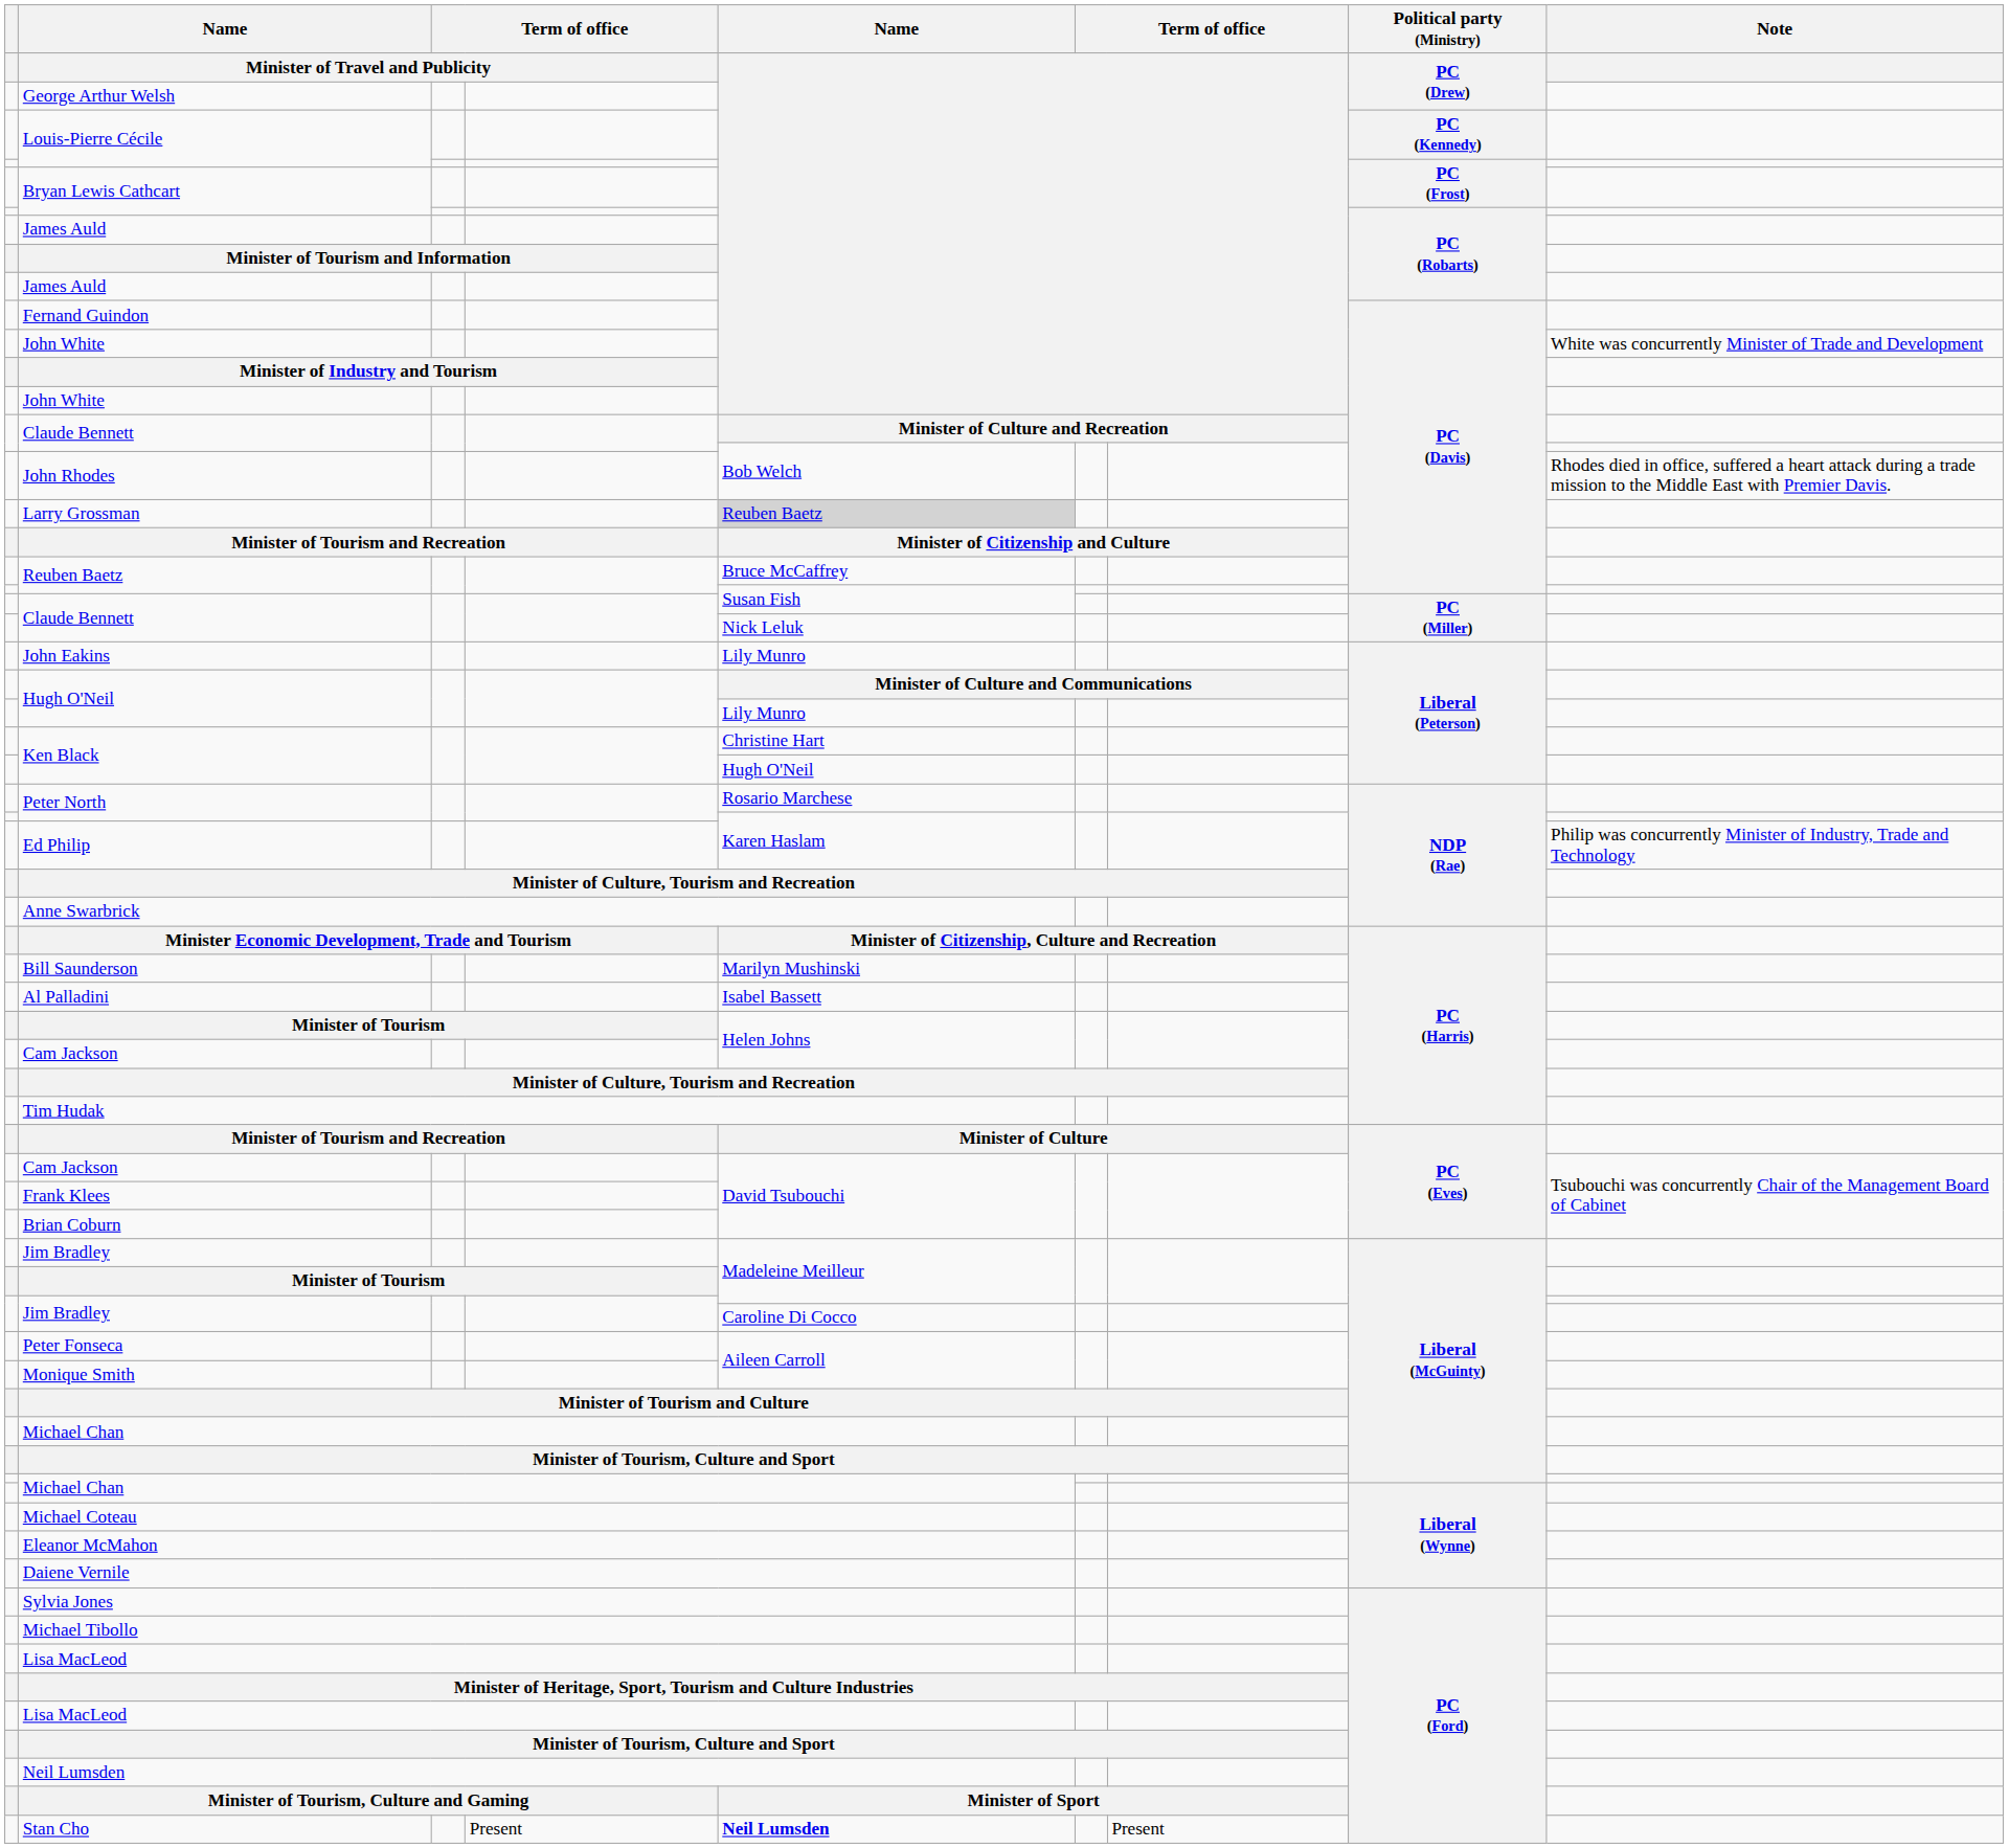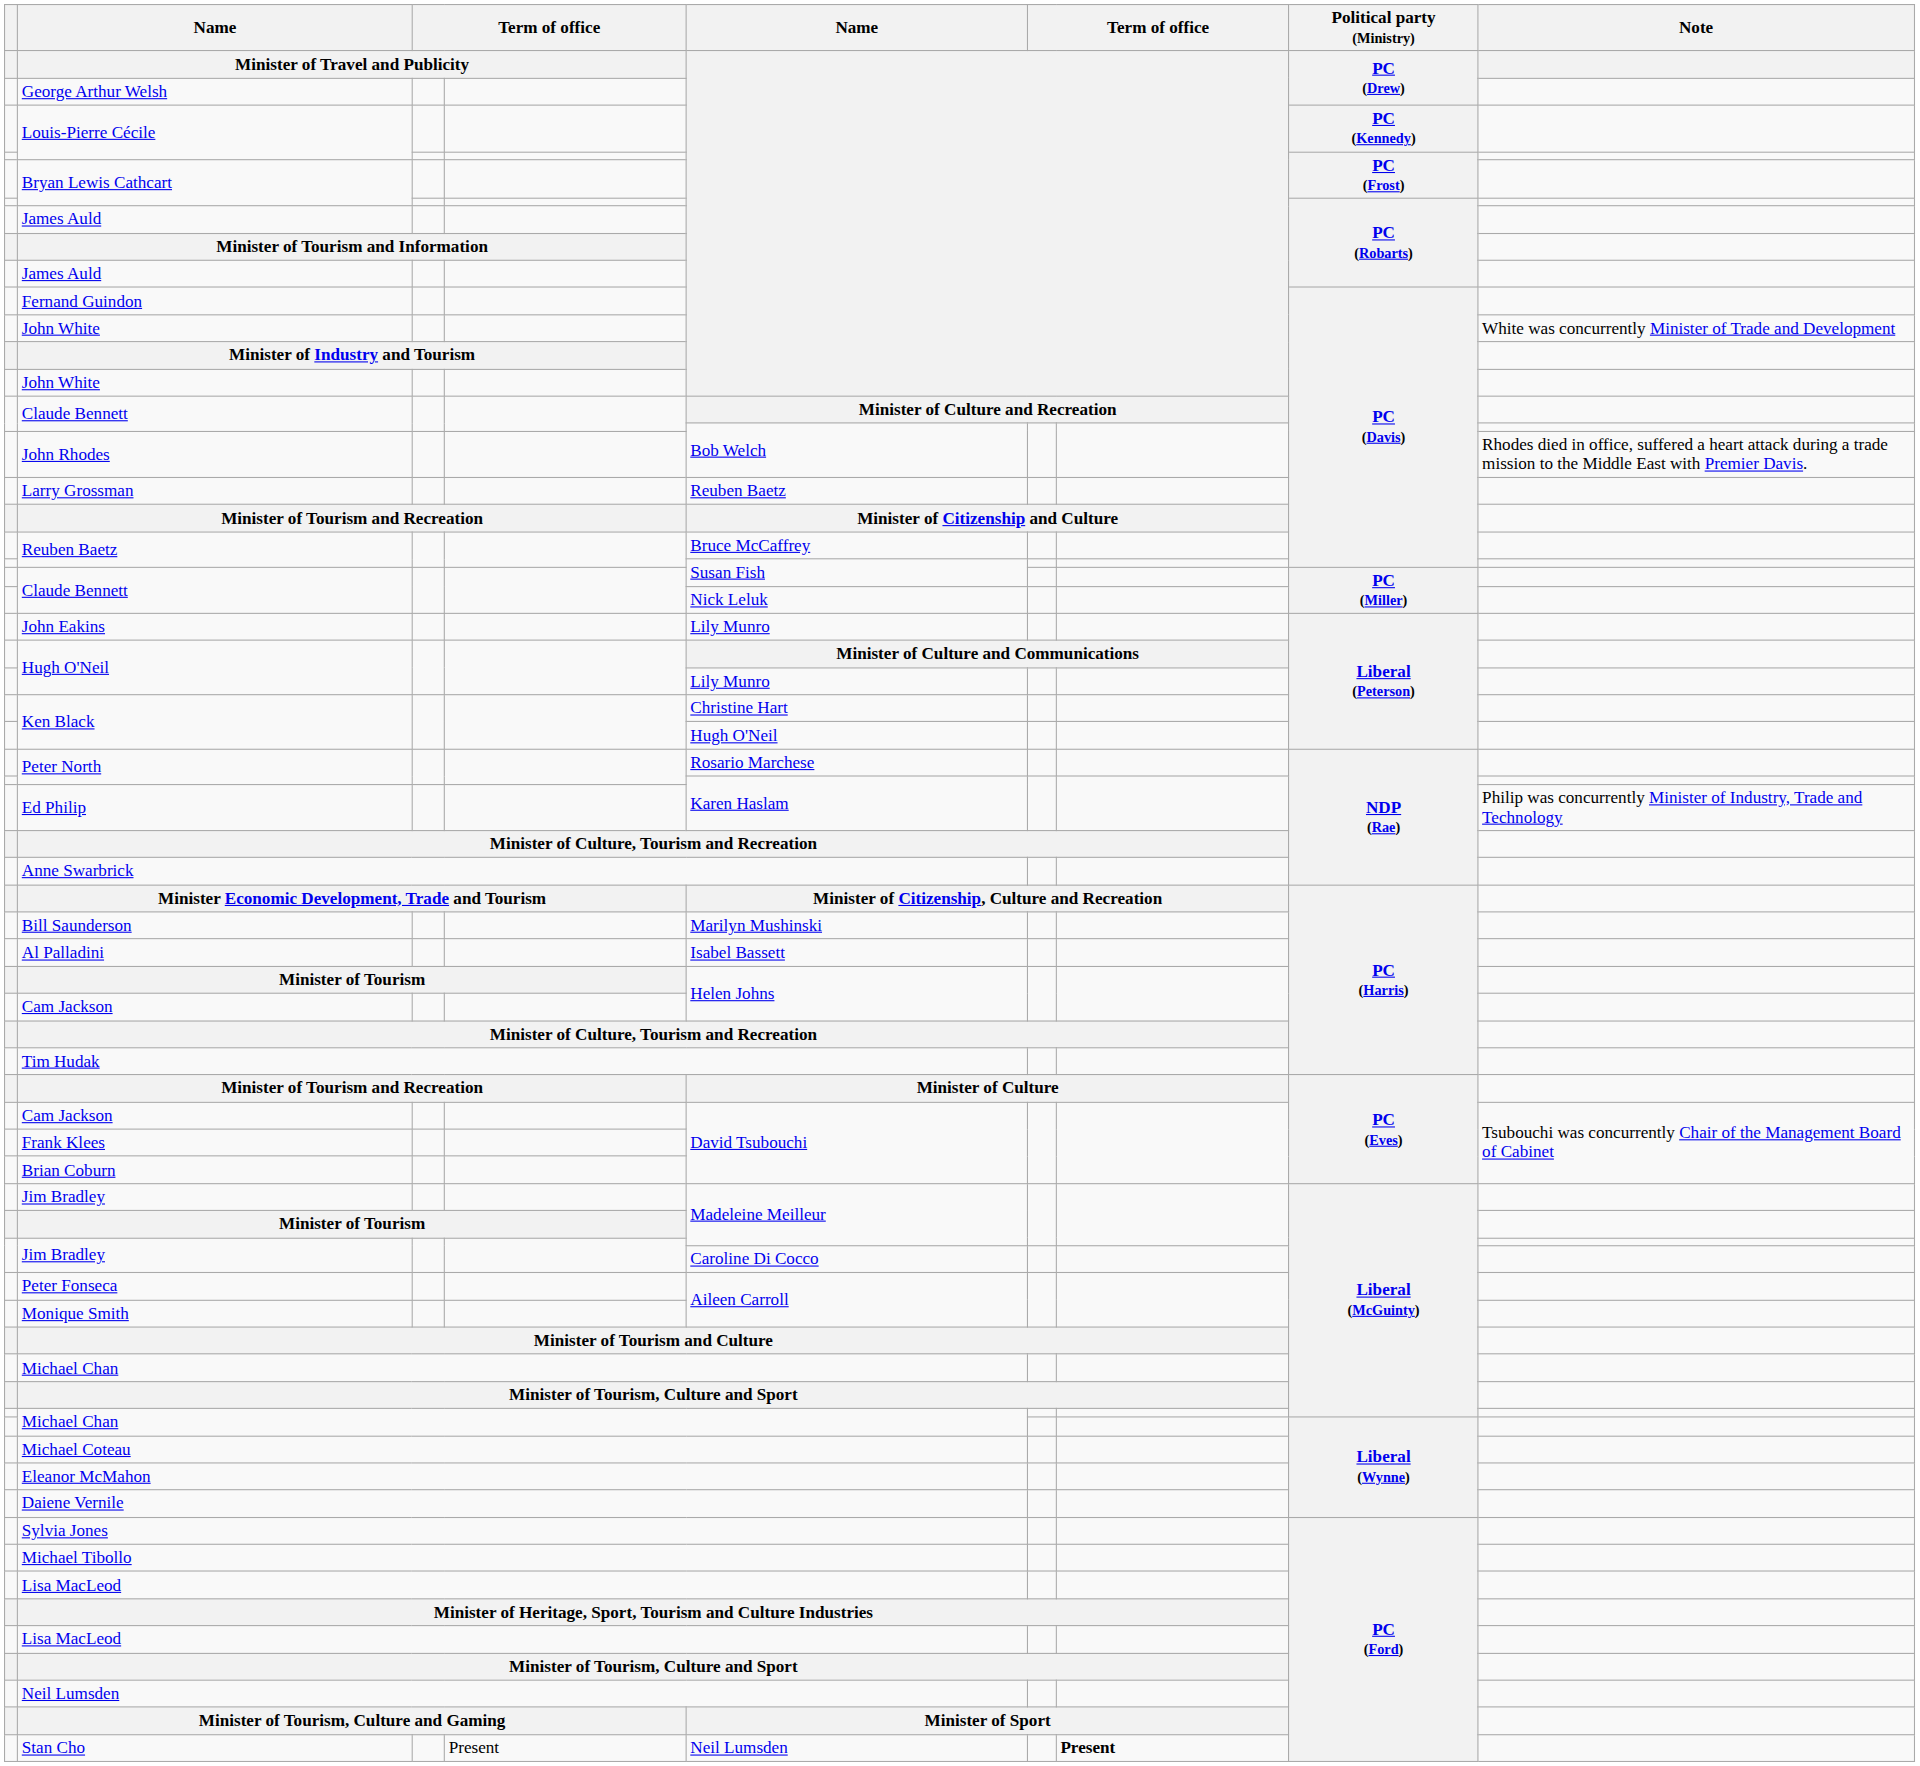 <table class="wikitable" style="width: 90%">
 <tr>
 <th></th>
 <th>Name</th>
 <th colspan=2>Term of office</th>
 <th>Name</th>
 <th colspan=2>Term of office</th>
 <th>Political party<br><small>(Ministry)</small></th>
 <th style="width: 400px;">Note</th>
 </tr>
 <tr>
 <th></th>
 <th colspan=3>Minister of Travel and Publicity</th>
 <th colspan=3; rowspan=13></th>
 <th rowspan=2; style="background:"><a href='#'>PC</a><br><small>(<a href='#'>Drew</a>)</small></th>
 <th></th>
 </tr>
 <tr>
 <td style="background:"></td>
 <td><a href='#'>George Arthur Welsh</a></td>
 <td></td>
 <td></td>
 <td></td>
 </tr>
 <tr>
 <td style="background:"></td>
 <td rowspan=2><a href='#'>Louis-Pierre Cécile</a></td>
 <td></td>
 <td></td>
 <th style="background:"><a href='#'>PC</a><br><small>(<a href='#'>Kennedy</a>)</small></th>
 <td></td>
 </tr>
 <tr>
 <td style="background:"></td>
 <td></td>
 <td></td>
 <th rowspan=2; style="background:"><a href='#'>PC</a><br><small>(<a href='#'>Frost</a>)</small></th>
 <td></td>
 </tr>
 <tr>
 <td style="background:"></td>
 <td rowspan=2><a href='#'>Bryan Lewis Cathcart</a></td>
 <td></td>
 <td></td>
 <td></td>
 </tr>
 <tr>
 <td style="background:"></td>
 <td></td>
 <td></td>
 <th rowspan=4; style="background:"><a href='#'>PC</a><br><small>(<a href='#'>Robarts</a>)</small></th>
 <td></td>
 </tr>
 <tr>
 <td style="background:"></td>
 <td><a href='#'>James Auld</a></td>
 <td></td>
 <td></td>
 <td></td>
 </tr>
 <tr>
 <th></th>
 <th colspan=3>Minister of Tourism and Information</th>
 <td></td>
 </tr>
 <tr>
 <td style="background:"></td>
 <td><a href='#'>James Auld</a></td>
 <td></td>
 <td></td>
 <td></td>
 </tr>
 <tr>
 <td style="background:"></td>
 <td><a href='#'>Fernand Guindon</a></td>
 <td></td>
 <td></td>
 <th rowspan=11; style="background:"><a href='#'>PC</a><br><small>(<a href='#'>Davis</a>)</small></th>
 <td></td>
 </tr>
 <tr>
 <td style="background:"></td>
 <td><a href='#'>John White</a></td>
 <td></td>
 <td></td>
 <td>White was concurrently <a href='#'>Minister of Trade and Development</a></td>
 </tr>
 <tr>
 <th></th>
 <th colspan=3>Minister of <a href='#'>Industry</a> and Tourism</th>
 <td></td>
 </tr>
 <tr>
 <td style="background:"></td>
 <td><a href='#'>John White</a></td>
 <td></td>
 <td></td>
 <td></td>
 </tr>
 <tr>
 <td rowspan=2; style="background:"></td>
 <td rowspan=2><a href='#'>Claude Bennett</a></td>
 <td rowspan=2></td>
 <td rowspan=2></td>
 <th colspan=3>Minister of Culture and Recreation</th>
 <td></td>
 </tr>
 <tr>
 <td rowspan=2><a href='#'>Bob Welch</a></td>
 <td rowspan=2></td>
 <td rowspan=2></td>
 <td></td>
 </tr>
 <tr>
 <td style="background:"></td>
 <td><a href='#'>John Rhodes</a></td>
 <td></td>
 <td></td>
 <td>Rhodes died in office, suffered a heart attack during a trade mission to the Middle East with <a href='#'>Premier Davis</a>.</td>
 </tr>
 <tr>
 <td style="background:"></td>
 <td><a href='#'>Larry Grossman</a></td>
 <td></td>
 <td></td>
-<td style="background: lightgrey;"><a href='#'>Reuben Baetz</a></td>
+<td><a href='#'>Reuben Baetz</a></td>
 <td></td>
 <td></td>
 <td></td>
 </tr>
 <tr>
 <th></th>
 <th colspan=3>Minister of Tourism and Recreation</th>
 <th colspan=3>Minister of <a href='#'>Citizenship</a> and Culture</th>
 <td></td>
 </tr>
 <tr>
 <td style="background:"></td>
 <td rowspan=2><a href='#'>Reuben Baetz</a></td>
 <td rowspan=2></td>
 <td rowspan=2></td>
 <td><a href='#'>Bruce McCaffrey</a></td>
 <td></td>
 <td></td>
 <td></td>
 </tr>
 <tr>
 <td style="background:"></td>
 <td rowspan=2><a href='#'>Susan Fish</a></td>
 <td></td>
 <td></td>
 <td></td>
 </tr>
 <tr>
 <td style="background:"></td>
 <td rowspan=2><a href='#'>Claude Bennett</a></td>
 <td rowspan=2></td>
 <td rowspan=2></td>
 <td></td>
 <td></td>
 <th rowspan=2; style="background:"><a href='#'>PC</a><br><small>(<a href='#'>Miller</a>)</small></th>
 <td></td>
 </tr>
 <tr>
 <td style="background:"></td>
 <td><a href='#'>Nick Leluk</a></td>
 <td></td>
 <td></td>
 <td></td>
 </tr>
 <tr>
 <td style="background:"></td>
 <td><a href='#'>John Eakins</a></td>
 <td></td>
 <td></td>
 <td><a href='#'>Lily Munro</a></td>
 <td></td>
 <td></td>
 <th rowspan=5; style="background:"><a href='#'>Liberal</a><br><small>(<a href='#'>Peterson</a>)</small></th>
 <td></td>
 </tr>
 <tr>
 <td style="background:"></td>
 <td rowspan=2><a href='#'>Hugh O'Neil</a></td>
 <td rowspan=2></td>
 <td rowspan=2></td>
 <th colspan=3>Minister of Culture and Communications</th>
 <td></td>
 </tr>
 <tr>
 <td style="background:"></td>
 <td><a href='#'>Lily Munro</a></td>
 <td></td>
 <td></td>
 <td></td>
 </tr>
 <tr>
 <td style="background:"></td>
 <td rowspan=2><a href='#'>Ken Black</a></td>
 <td rowspan=2></td>
 <td rowspan=2></td>
 <td><a href='#'>Christine Hart</a></td>
 <td></td>
 <td></td>
 <td></td>
 </tr>
 <tr>
 <td style="background:"></td>
 <td><a href='#'>Hugh O'Neil</a></td>
 <td></td>
 <td></td>
 <td></td>
 </tr>
 <tr>
 <td style="background:"></td>
 <td rowspan=2><a href='#'>Peter North</a></td>
 <td rowspan=2></td>
 <td rowspan=2></td>
 <td><a href='#'>Rosario Marchese</a></td>
 <td></td>
 <td></td>
 <th rowspan=5; style="background:"><a href='#'>NDP</a><br><small>(<a href='#'>Rae</a>)</small></th>
 <td></td>
 </tr>
 <tr>
 <td style="background:"></td>
 <td rowspan=2><a href='#'>Karen Haslam</a></td>
 <td rowspan=2></td>
 <td rowspan=2></td>
 <td></td>
 </tr>
 <tr>
 <td style="background:"></td>
 <td><a href='#'>Ed Philip</a></td>
 <td></td>
 <td></td>
 <td>Philip was concurrently <a href='#'>Minister of Industry, Trade and Technology</a></td>
 </tr>
 <tr>
 <th></th>
 <th colspan=6>Minister of Culture, Tourism and Recreation</th>
 <td></td>
 </tr>
 <tr>
 <td style="background:"></td>
 <td colspan=4><a href='#'>Anne Swarbrick</a></td>
 <td></td>
 <td></td>
 <td></td>
 </tr>
 <tr>
 <th></th>
 <th colspan=3>Minister <a href='#'>Economic Development, Trade</a> and Tourism</th>
 <th colspan=3>Minister of <a href='#'>Citizenship</a>, Culture and Recreation</th>
 <th rowspan=7 ; style="background:"><a href='#'>PC</a><br><small>(<a href='#'>Harris</a>)</small></th>
 <td></td>
 </tr>
 <tr>
 <td style="background:"></td>
 <td><a href='#'>Bill Saunderson</a></td>
 <td></td>
 <td></td>
 <td><a href='#'>Marilyn Mushinski</a></td>
 <td></td>
 <td></td>
 <td></td>
 </tr>
 <tr>
 <td style="background:"></td>
 <td><a href='#'>Al Palladini</a></td>
 <td></td>
 <td></td>
 <td><a href='#'>Isabel Bassett</a></td>
 <td></td>
 <td></td>
 <td></td>
 </tr>
 <tr>
 <th></th>
 <th colspan=3>Minister of Tourism</th>
 <td rowspan=2><a href='#'>Helen Johns</a></td>
 <td rowspan=2></td>
 <td rowspan=2></td>
 <td></td>
 </tr>
 <tr>
 <td style="background:"></td>
 <td><a href='#'>Cam Jackson</a></td>
 <td></td>
 <td></td>
 <td></td>
 </tr>
 <tr>
 <th></th>
 <th colspan=6>Minister of Culture, Tourism and Recreation</th>
 <td></td>
 </tr>
 <tr>
 <td style="background:"></td>
 <td colspan=4><a href='#'>Tim Hudak</a></td>
 <td></td>
 <td></td>
 <td></td>
 </tr>
 <tr>
 <th></th>
 <th colspan=3>Minister of Tourism and Recreation</th>
 <th colspan=3>Minister of Culture</th>
 <th rowspan=4 ; style="background:"><a href='#'>PC</a><br><small>(<a href='#'>Eves</a>)</small></th>
 <td></td>
 </tr>
 <tr>
 <td style="background:"></td>
 <td><a href='#'>Cam Jackson</a></td>
 <td></td>
 <td></td>
 <td rowspan=3><a href='#'>David Tsubouchi</a></td>
 <td rowspan=3></td>
 <td rowspan=3></td>
 <td rowspan=3>Tsubouchi was concurrently <a href='#'>Chair of the Management Board of Cabinet</a></td>
 </tr>
 <tr>
 <td style="background:"></td>
 <td><a href='#'>Frank Klees</a></td>
 <td></td>
 <td></td>
 </tr>
 <tr>
 <td style="background:"></td>
 <td><a href='#'>Brian Coburn</a></td>
 <td></td>
 <td></td>
 </tr>
 <tr>
 <td style="background:"></td>
 <td><a href='#'>Jim Bradley</a></td>
 <td></td>
 <td></td>
 <td rowspan=3><a href='#'>Madeleine Meilleur</a></td>
 <td rowspan=3></td>
 <td rowspan=3></td>
 <th rowspan=10; style="background:"><a href='#'>Liberal</a><br><small>(<a href='#'>McGuinty</a>)</small></th>
 <td></td>
 </tr>
 <tr>
 <th></th>
 <th colspan=3>Minister of Tourism</th>
 <td></td>
 </tr>
 <tr>
 <td rowspan=2; style="background:"></td>
 <td rowspan=2><a href='#'>Jim Bradley</a></td>
 <td rowspan=2></td>
 <td rowspan=2></td>
 <td></td>
 </tr>
 <tr>
 <td><a href='#'>Caroline Di Cocco</a></td>
 <td></td>
 <td></td>
 <td></td>
 </tr>
 <tr>
 <td style="background:"></td>
 <td><a href='#'>Peter Fonseca</a></td>
 <td></td>
 <td></td>
 <td rowspan=2><a href='#'>Aileen Carroll</a></td>
 <td rowspan=2></td>
 <td rowspan=2></td>
 <td></td>
 </tr>
 <tr>
 <td style="background:"></td>
 <td><a href='#'>Monique Smith</a></td>
 <td></td>
 <td></td>
 <td></td>
 </tr>
 <tr>
 <th></th>
 <th colspan=6>Minister of Tourism and Culture</th>
 <td></td>
 </tr>
 <tr>
 <td style="background:"></td>
 <td colspan=4><a href='#'>Michael Chan</a></td>
 <td></td>
 <td></td>
 <td></td>
 </tr>
 <tr>
 <th></th>
 <th colspan=6>Minister of Tourism, Culture and Sport</th>
 <td></td>
 </tr>
 <tr>
 <td style="background:"></td>
 <td rowspan=2; colspan=4><a href='#'>Michael Chan</a></td>
 <td></td>
 <td></td>
 <td></td>
 </tr>
 <tr>
 <td style="background:"></td>
 <td></td>
 <td></td>
 <th rowspan=4; style="background:"><a href='#'>Liberal</a><br><small>(<a href='#'>Wynne</a>)</small></th>
 <td></td>
 </tr>
 <tr>
 <td style="background:"></td>
 <td colspan=4><a href='#'>Michael Coteau</a></td>
 <td></td>
 <td></td>
 <td></td>
 </tr>
 <tr>
 <td style="background:"></td>
 <td colspan=4><a href='#'>Eleanor McMahon</a></td>
 <td></td>
 <td></td>
 <td></td>
 </tr>
 <tr>
 <td style="background:"></td>
 <td colspan=4><a href='#'>Daiene Vernile</a></td>
 <td></td>
 <td></td>
 <td></td>
 </tr>
 <tr>
 <td style="background:"></td>
 <td colspan=4><a href='#'>Sylvia Jones</a></td>
 <td></td>
 <td></td>
 <th rowspan=9; style="background:"><a href='#'>PC</a><br><small>(<a href='#'>Ford</a>)</small></th>
 <td></td>
 </tr>
 <tr>
 <td style="background:"></td>
 <td colspan=4><a href='#'>Michael Tibollo</a></td>
 <td></td>
 <td></td>
 <td></td>
 </tr>
 <tr>
 <td style="background:"></td>
 <td colspan=4><a href='#'>Lisa MacLeod</a></td>
 <td></td>
 <td></td>
 <td></td>
 </tr>
 <tr>
 <th></th>
 <th colspan=6>Minister of Heritage, Sport, Tourism and Culture Industries</th>
 <td></td>
 </tr>
 <tr>
 <td style="background:"></td>
 <td colspan=4><a href='#'>Lisa MacLeod</a></td>
 <td></td>
 <td></td>
 <td></td>
 </tr>
 <tr>
 <th></th>
 <th colspan=6>Minister of Tourism, Culture and Sport</th>
 <td></td>
 </tr>
 <tr>
 <td style="background:"></td>
 <td colspan=4><a href='#'>Neil Lumsden</a></td>
 <td></td>
 <td></td>
 <td></td>
 </tr>
 <tr>
 <th></th>
 <th colspan=3>Minister of Tourism, Culture and Gaming</th>
 <th colspan=3>Minister of Sport</th>
 <td></td>
 </tr>
 <tr>
 <td style="background:"></td>
 <td colspan=1><a href='#'>Stan Cho</a></td>
 <td></td>
 <td>Present</td>
-<td colspan=1><strong><a href='#'>Neil Lumsden</a></strong></td>
+<td colspan=1><a href='#'>Neil Lumsden</a></td>
 <td></td>
-<td>Present</td>
+<td><strong>Present</strong></td>
 <td></td>
 </tr>
 </table>
